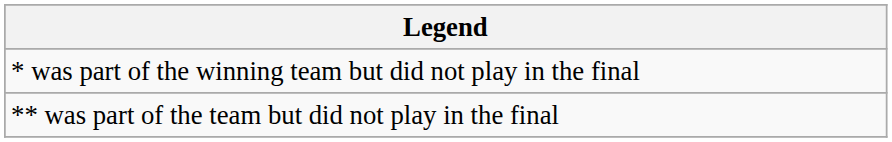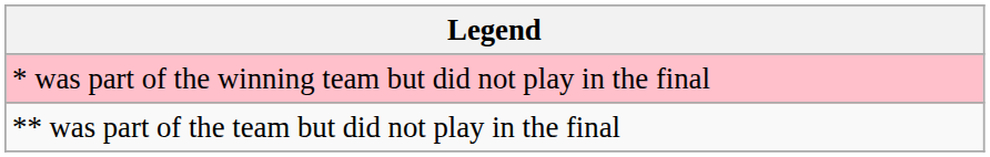 <table class="wikitable" style="font-size:95%; width:33em">
 <tr>
 <th>Legend</th>
 </tr>
 <tr>
-<td>* was part of the winning team but did not play in the final</td>
+<td style="background: pink;">* was part of the winning team but did not play in the final</td>
 </tr>
 <tr>
 <td>** was part of the team but did not play in the final</td>
 </tr>
 </table>
